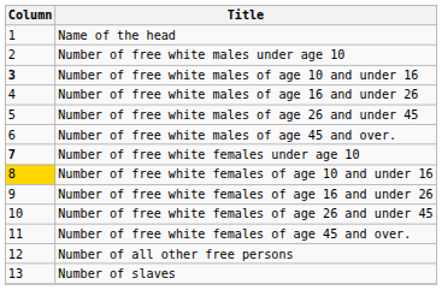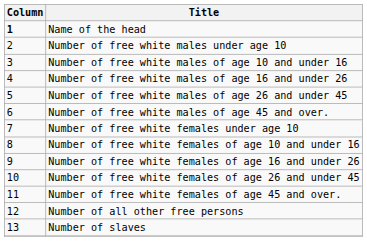 <table border="1" class="wikitable">
 <tr>
 <th>Column</th>
 <th>Title</th>
 </tr>
 <tr>
-<td>1</td>
+<td><strong>1</strong></td>
 <td>Name of the head</td>
 </tr>
 <tr>
 <td>2</td>
 <td>Number of free white males under age 10</td>
 </tr>
 <tr>
-<td><strong>3</strong></td>
+<td>3</td>
 <td>Number of free white males of age 10 and under 16</td>
 </tr>
 <tr>
 <td>4</td>
 <td>Number of free white males of age 16 and under 26</td>
 </tr>
 <tr>
 <td>5</td>
 <td>Number of free white males of age 26 and under 45</td>
 </tr>
 <tr>
 <td>6</td>
 <td>Number of free white males of age 45 and over.</td>
 </tr>
 <tr>
-<td><strong>7</strong></td>
+<td>7</td>
 <td>Number of free white females under age 10</td>
 </tr>
 <tr>
-<td style="background: gold;">8</td>
+<td>8</td>
 <td>Number of free white females of age 10 and under 16</td>
 </tr>
 <tr>
 <td>9</td>
 <td>Number of free white females of age 16 and under 26</td>
 </tr>
 <tr>
 <td>10</td>
 <td>Number of free white females of age 26 and under 45</td>
 </tr>
 <tr>
 <td>11</td>
 <td>Number of free white females of age 45 and over.</td>
 </tr>
 <tr>
 <td>12</td>
 <td>Number of all other free persons</td>
 </tr>
 <tr>
 <td>13</td>
 <td>Number of slaves</td>
 </tr>
 <tr>
 </tr>
 </table>
